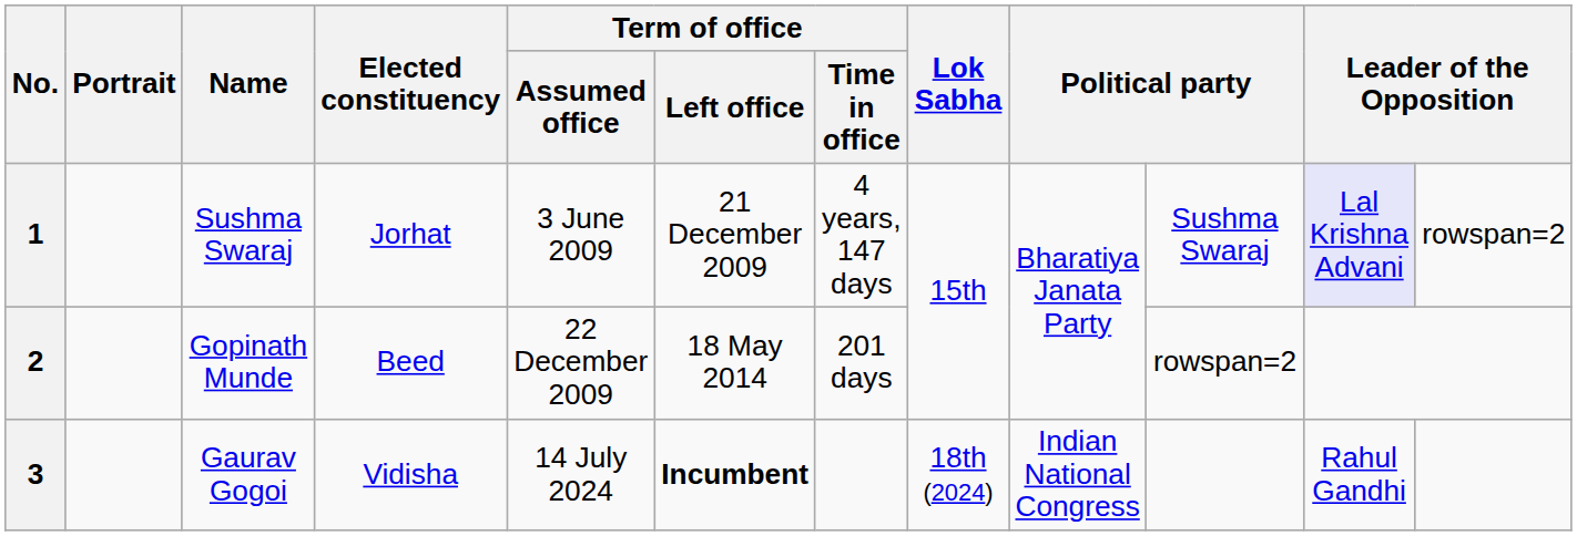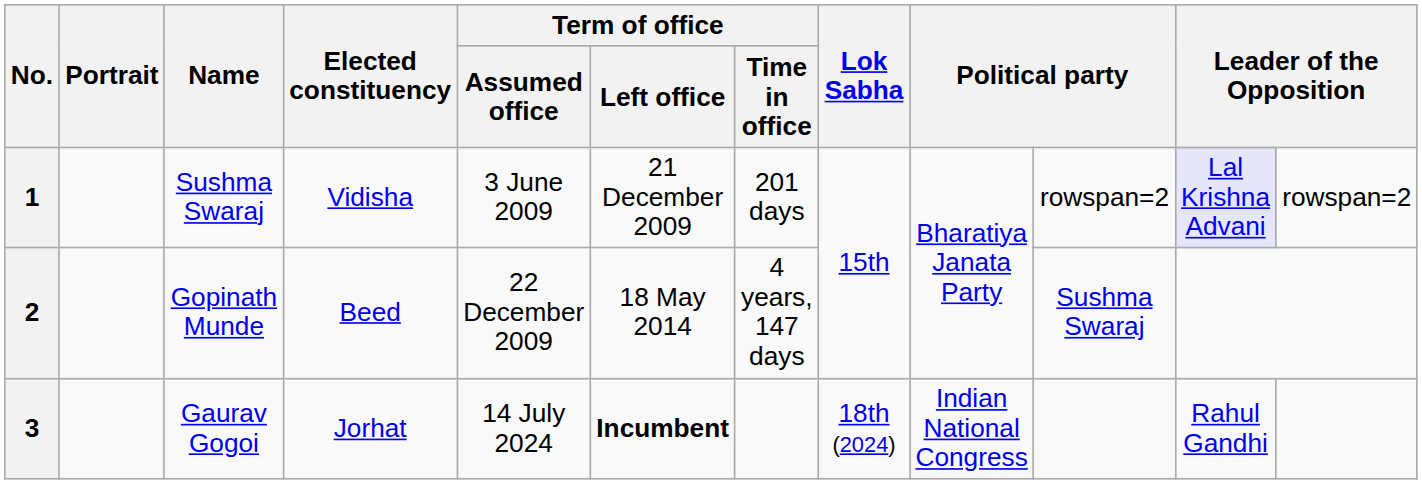 <table class="wikitable sortable" style="text-align:center;">
 <tr>
 <th rowspan=2>No.</th>
 <th rowspan=2>Portrait</th>
 <th rowspan=2>Name<br><small></small></th>
 <th rowspan=2>Elected constituency</th>
 <th colspan=3>Term of office</th>
 <th rowspan=2><a href='#'>Lok Sabha</a><br></th>
 <th rowspan=2 colspan=2>Political party</th>
 <th rowspan=2 colspan=2>Leader of the Opposition</th>
 </tr>
 <tr>
 <th>Assumed office</th>
 <th>Left office</th>
 <th>Time in office</th>
 </tr>
 <tr>
 <th>1</th>
 <td></td>
 <td><a href='#'>Sushma Swaraj</a></td>
-<td><a href='#'>Jorhat</a></td>
+<td><a href='#'>Vidisha</a></td>
 <td>3 June 2009</td>
 <td>21 December 2009</td>
-<td>4 years, 147 days</td>
+<td>201 days</td>
 <td rowspan=2><a href='#'>15th</a><br></td>
 <td rowspan=2><a href='#'>Bharatiya Janata Party</a></td>
-<td><a href='#'>Sushma Swaraj</a></td>
+<td>rowspan=2 </td>
 <td style="background: lavender;"><a href='#'>Lal Krishna Advani</a></td>
 <td>rowspan=2 </td>
 </tr>
 <tr>
 <th>2</th>
 <td></td>
 <td><a href='#'>Gopinath Munde</a></td>
 <td><a href='#'>Beed</a></td>
 <td>22 December 2009</td>
 <td>18 May 2014</td>
-<td>201 days</td>
-<td>rowspan=2 </td>
+<td>4 years, 147 days</td>
+<td><a href='#'>Sushma Swaraj</a></td>
 </tr>
 <tr>
 <th>3</th>
 <td></td>
 <td><a href='#'>Gaurav Gogoi</a></td>
-<td><a href='#'>Vidisha</a></td>
+<td><a href='#'>Jorhat</a></td>
 <td>14 July 2024</td>
 <td><strong>Incumbent</strong></td>
 <td></td>
 <td><a href='#'>18th</a><br><small>(<a href='#'>2024</a>)</small></td>
 <td><a href='#'>Indian National Congress</a></td>
 <td></td>
 <td><a href='#'>Rahul Gandhi</a></td>
 <td></td>
 </tr>
 </table>
